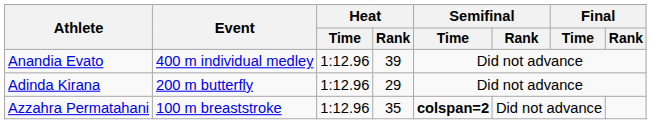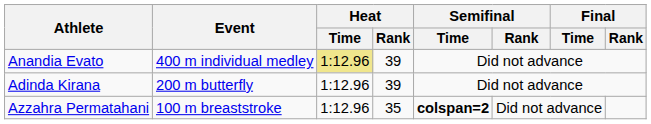 <table class="wikitable" style="text-align:center; font-size:90%">
 <tr>
 <th rowspan="2">Athlete</th>
 <th rowspan="2">Event</th>
 <th colspan="2">Heat</th>
 <th colspan="2">Semifinal</th>
 <th colspan="2">Final</th>
 </tr>
 <tr style="font-size:95%">
 <th>Time</th>
 <th>Rank</th>
 <th>Time</th>
 <th>Rank</th>
 <th>Time</th>
 <th>Rank</th>
 </tr>
 <tr>
 <td align=left><a href='#'>Anandia Evato</a></td>
 <td align=left><a href='#'>400 m individual medley</a></td>
-<td>1:12.96</td>
+<td style="background: khaki;">1:12.96</td>
 <td>39</td>
 <td colspan=4>Did not advance</td>
 </tr>
 <tr>
 <td align=left><a href='#'>Adinda Kirana</a></td>
 <td align=left><a href='#'>200 m butterfly</a></td>
 <td>1:12.96</td>
-<td>29</td>
+<td>39</td>
 <td colspan=4>Did not advance</td>
 </tr>
 <tr>
 <td align=left><a href='#'>Azzahra Permatahani</a></td>
 <td align=left><a href='#'>100 m breaststroke</a></td>
 <td>1:12.96</td>
 <td>35</td>
 <td><strong>colspan=2 </strong></td>
 <td colspan=2>Did not advance</td>
 </tr>
 </table>
